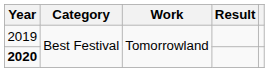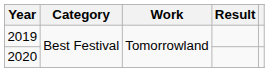 <table class="wikitable">
 <tr>
 <th>Year</th>
 <th>Category</th>
 <th>Work</th>
 <th>Result</th>
 <th></th>
 </tr>
 <tr>
 <td>2019</td>
 <td rowspan="2">Best Festival</td>
 <td rowspan="2">Tomorrowland</td>
 <td></td>
 <td></td>
 </tr>
 <tr>
-<td><strong>2020</strong></td>
+<td>2020</td>
 <td></td>
 <td></td>
 </tr>
 </table>
